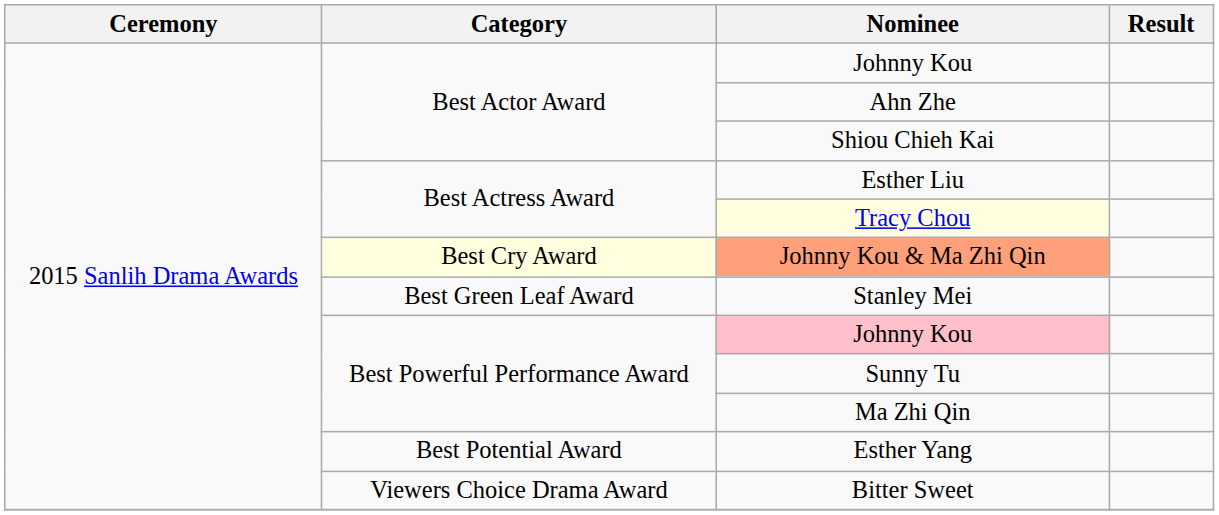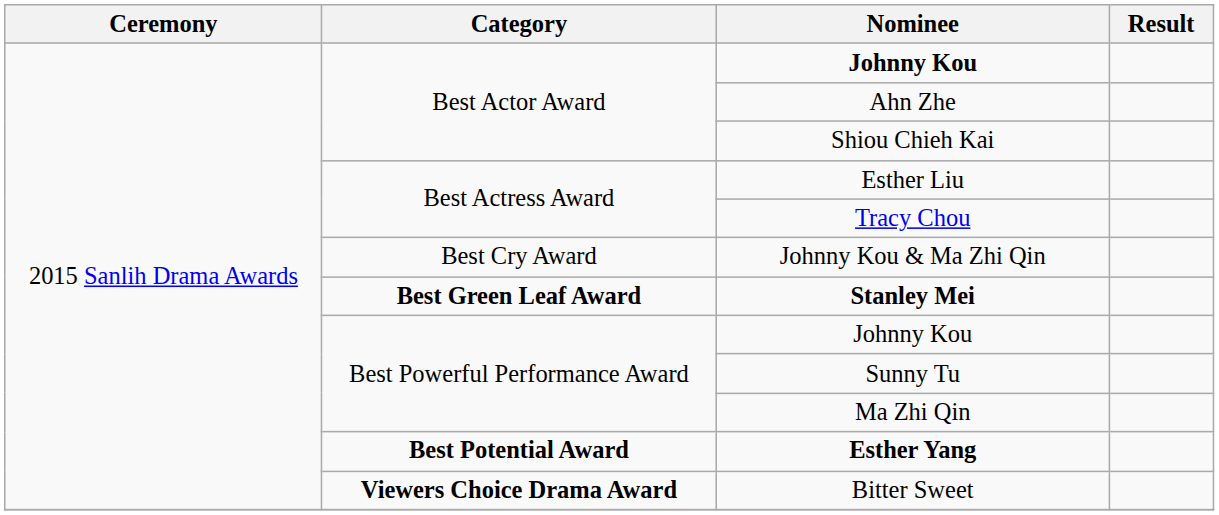 <table class="wikitable" style="text-align:center;">
 <tr>
 <th style="width:200px;">Ceremony</th>
 <th style="width:250px;">Category</th>
 <th style="width:250px;">Nominee</th>
 <th style="width:60px;">Result</th>
 </tr>
 <tr>
 <td rowspan=12>2015 <a href='#'>Sanlih Drama Awards</a></td>
 <td rowspan=3>Best Actor Award</td>
-<td>Johnny Kou</td>
+<td><strong>Johnny Kou</strong></td>
 <td></td>
 </tr>
 <tr>
 <td>Ahn Zhe</td>
 <td></td>
 </tr>
 <tr>
 <td>Shiou Chieh Kai</td>
 <td></td>
 </tr>
 <tr>
 <td rowspan=2>Best Actress Award</td>
 <td>Esther Liu</td>
 <td></td>
 </tr>
 <tr>
-<td style="background: lightyellow;"><a href='#'>Tracy Chou</a></td>
+<td><a href='#'>Tracy Chou</a></td>
 <td></td>
 </tr>
 <tr>
-<td style="background: lightyellow;">Best Cry Award</td>
-<td style="background: lightsalmon;">Johnny Kou & Ma Zhi Qin</td>
+<td>Best Cry Award</td>
+<td>Johnny Kou & Ma Zhi Qin</td>
 <td></td>
 </tr>
 <tr>
-<td>Best Green Leaf Award</td>
-<td>Stanley Mei</td>
+<td><strong>Best Green Leaf Award</strong></td>
+<td><strong>Stanley Mei</strong></td>
 <td></td>
 </tr>
 <tr>
 <td rowspan=3>Best Powerful Performance Award</td>
-<td style="background: pink;">Johnny Kou</td>
+<td>Johnny Kou</td>
 <td></td>
 </tr>
 <tr>
 <td>Sunny Tu</td>
 <td></td>
 </tr>
 <tr>
 <td>Ma Zhi Qin</td>
 <td></td>
 </tr>
 <tr>
-<td>Best Potential Award</td>
-<td>Esther Yang</td>
+<td><strong>Best Potential Award</strong></td>
+<td><strong>Esther Yang</strong></td>
 <td></td>
 </tr>
 <tr>
-<td>Viewers Choice Drama Award</td>
+<td><strong>Viewers Choice Drama Award</strong></td>
 <td>Bitter Sweet</td>
 <td></td>
 </tr>
 <tr>
 </tr>
 </table>
